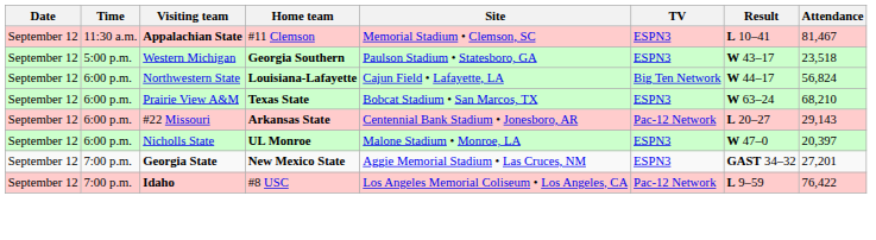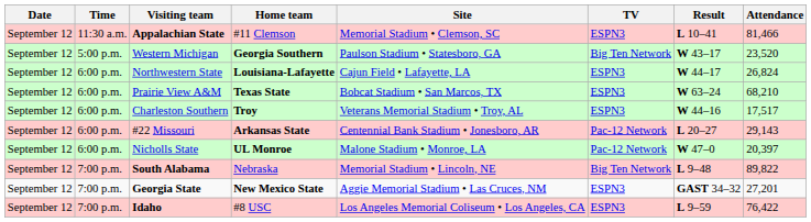 <table class="wikitable" style="font-size:95%;">
 <tr>
 <th>Date</th>
 <th>Time</th>
 <th>Visiting team</th>
 <th>Home team</th>
 <th>Site</th>
 <th>TV</th>
 <th>Result</th>
 <th>Attendance</th>
 </tr>
 <tr style="background:#fcc;">
 <td>September 12</td>
 <td>11:30 a.m.</td>
 <td><strong>Appalachian State</strong></td>
 <td>#11 <a href='#'>Clemson</a></td>
 <td><a href='#'>Memorial Stadium</a> • <a href='#'>Clemson, SC</a></td>
 <td><a href='#'>ESPN3</a></td>
 <td><strong>L</strong> 10–41</td>
-<td>81,467</td>
+<td>81,466</td>
 </tr>
 <tr style="background:#cfc;">
 <td>September 12</td>
 <td>5:00 p.m.</td>
 <td><a href='#'>Western Michigan</a></td>
 <td><strong>Georgia Southern</strong></td>
 <td><a href='#'>Paulson Stadium</a> • <a href='#'>Statesboro, GA</a></td>
-<td><a href='#'>ESPN3</a></td>
+<td><a href='#'>Big Ten Network</a></td>
 <td><strong>W</strong> 43–17</td>
-<td>23,518</td>
+<td>23,520</td>
 </tr>
 <tr style="background:#cfc;">
 <td>September 12</td>
 <td>6:00 p.m.</td>
 <td><a href='#'>Northwestern State</a></td>
 <td><strong>Louisiana-Lafayette</strong></td>
 <td><a href='#'>Cajun Field</a> • <a href='#'>Lafayette, LA</a></td>
-<td><a href='#'>Big Ten Network</a></td>
+<td><a href='#'>ESPN3</a></td>
 <td><strong>W</strong> 44–17</td>
-<td>56,824</td>
+<td>26,824</td>
 </tr>
 <tr style="background:#cfc;">
 <td>September 12</td>
 <td>6:00 p.m.</td>
 <td><a href='#'>Prairie View A&M</a></td>
 <td><strong>Texas State</strong></td>
 <td><a href='#'>Bobcat Stadium</a> • <a href='#'>San Marcos, TX</a></td>
 <td><a href='#'>ESPN3</a></td>
 <td><strong>W</strong> 63–24</td>
 <td>68,210</td>
+</tr>
+<tr style="background:#cfc;">
+<td>September 12</td>
+<td>6:00 p.m.</td>
+<td><a href='#'>Charleston Southern</a></td>
+<td><strong>Troy</strong></td>
+<td><a href='#'>Veterans Memorial Stadium</a> • <a href='#'>Troy, AL</a></td>
+<td><a href='#'>ESPN3</a></td>
+<td><strong>W</strong> 44–16</td>
+<td>17,517</td>
 </tr>
 <tr style="background:#fcc;">
 <td>September 12</td>
 <td>6:00 p.m.</td>
 <td>#22 <a href='#'>Missouri</a></td>
 <td><strong>Arkansas State</strong></td>
 <td><a href='#'>Centennial Bank Stadium</a> • <a href='#'>Jonesboro, AR</a></td>
 <td><a href='#'>Pac-12 Network</a></td>
 <td><strong>L</strong> 20–27</td>
 <td>29,143</td>
 </tr>
 <tr style="background:#cfc;">
 <td>September 12</td>
 <td>6:00 p.m.</td>
 <td><a href='#'>Nicholls State</a></td>
 <td><strong>UL Monroe</strong></td>
 <td><a href='#'>Malone Stadium</a> • <a href='#'>Monroe, LA</a></td>
-<td><a href='#'>ESPN3</a></td>
+<td><a href='#'>Pac-12 Network</a></td>
 <td><strong>W</strong> 47–0</td>
 <td>20,397</td>
+</tr>
+<tr style="background:#fcc;">
+<td>September 12</td>
+<td>7:00 p.m.</td>
+<td><strong>South Alabama</strong></td>
+<td><a href='#'>Nebraska</a></td>
+<td><a href='#'>Memorial Stadium</a> • <a href='#'>Lincoln, NE</a></td>
+<td><a href='#'>Big Ten Network</a></td>
+<td><strong>L</strong> 9–48</td>
+<td>89,822</td>
 </tr>
 <tr style="background:">
 <td>September 12</td>
 <td>7:00 p.m.</td>
 <td><strong>Georgia State</strong></td>
 <td><strong>New Mexico State</strong></td>
 <td><a href='#'>Aggie Memorial Stadium</a> • <a href='#'>Las Cruces, NM</a></td>
 <td><a href='#'>ESPN3</a></td>
 <td><strong>GAST</strong> 34–32</td>
 <td>27,201</td>
 </tr>
 <tr style="background:#fcc;">
 <td>September 12</td>
 <td>7:00 p.m.</td>
 <td><strong>Idaho</strong></td>
 <td>#8 <a href='#'>USC</a></td>
 <td><a href='#'>Los Angeles Memorial Coliseum</a> • <a href='#'>Los Angeles, CA</a></td>
-<td><a href='#'>Pac-12 Network</a></td>
+<td><a href='#'>ESPN3</a></td>
 <td><strong>L</strong> 9–59</td>
 <td>76,422</td>
 </tr>
 </table>
